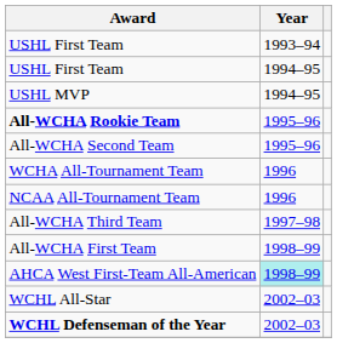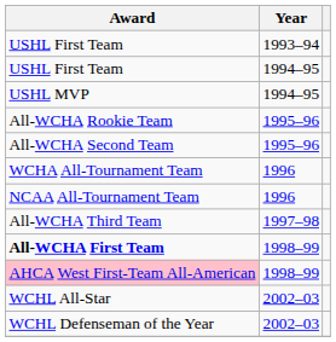 <table class="wikitable">
 <tr>
 <th>Award</th>
 <th>Year</th>
 <th></th>
 </tr>
 <tr>
 <td><a href='#'>USHL</a> First Team</td>
 <td>1993–94</td>
 <td></td>
 </tr>
 <tr>
 <td><a href='#'>USHL</a> First Team</td>
 <td>1994–95</td>
 <td></td>
 </tr>
 <tr>
 <td><a href='#'>USHL</a> MVP</td>
 <td>1994–95</td>
 <td></td>
 </tr>
 <tr>
-<td><strong>All-<a href='#'>WCHA</a> <a href='#'>Rookie Team</a></strong></td>
+<td>All-<a href='#'>WCHA</a> <a href='#'>Rookie Team</a></td>
 <td><a href='#'>1995–96</a></td>
 <td></td>
 </tr>
 <tr>
 <td>All-<a href='#'>WCHA</a> <a href='#'>Second Team</a></td>
 <td><a href='#'>1995–96</a></td>
 <td></td>
 </tr>
 <tr>
 <td><a href='#'>WCHA</a> <a href='#'>All-Tournament Team</a></td>
 <td><a href='#'>1996</a></td>
 <td></td>
 </tr>
 <tr>
 <td><a href='#'>NCAA</a> <a href='#'>All-Tournament Team</a></td>
 <td><a href='#'>1996</a></td>
 <td></td>
 </tr>
 <tr>
 <td>All-<a href='#'>WCHA</a> <a href='#'>Third Team</a></td>
 <td><a href='#'>1997–98</a></td>
 <td></td>
 </tr>
 <tr>
-<td>All-<a href='#'>WCHA</a> <a href='#'>First Team</a></td>
+<td><strong>All-<a href='#'>WCHA</a> <a href='#'>First Team</a></strong></td>
 <td><a href='#'>1998–99</a></td>
 <td></td>
 </tr>
 <tr>
-<td><a href='#'>AHCA</a> <a href='#'>West First-Team All-American</a></td>
-<td style="background: paleturquoise;"><a href='#'>1998–99</a></td>
+<td style="background: pink;"><a href='#'>AHCA</a> <a href='#'>West First-Team All-American</a></td>
+<td><a href='#'>1998–99</a></td>
 <td></td>
 </tr>
 <tr>
 <td><a href='#'>WCHL</a> All-Star</td>
 <td><a href='#'>2002–03</a></td>
 <td></td>
 </tr>
 <tr>
-<td><strong><a href='#'>WCHL</a> Defenseman of the Year</strong></td>
+<td><a href='#'>WCHL</a> Defenseman of the Year</td>
 <td><a href='#'>2002–03</a></td>
 <td></td>
 </tr>
 <tr>
 </tr>
 </table>
